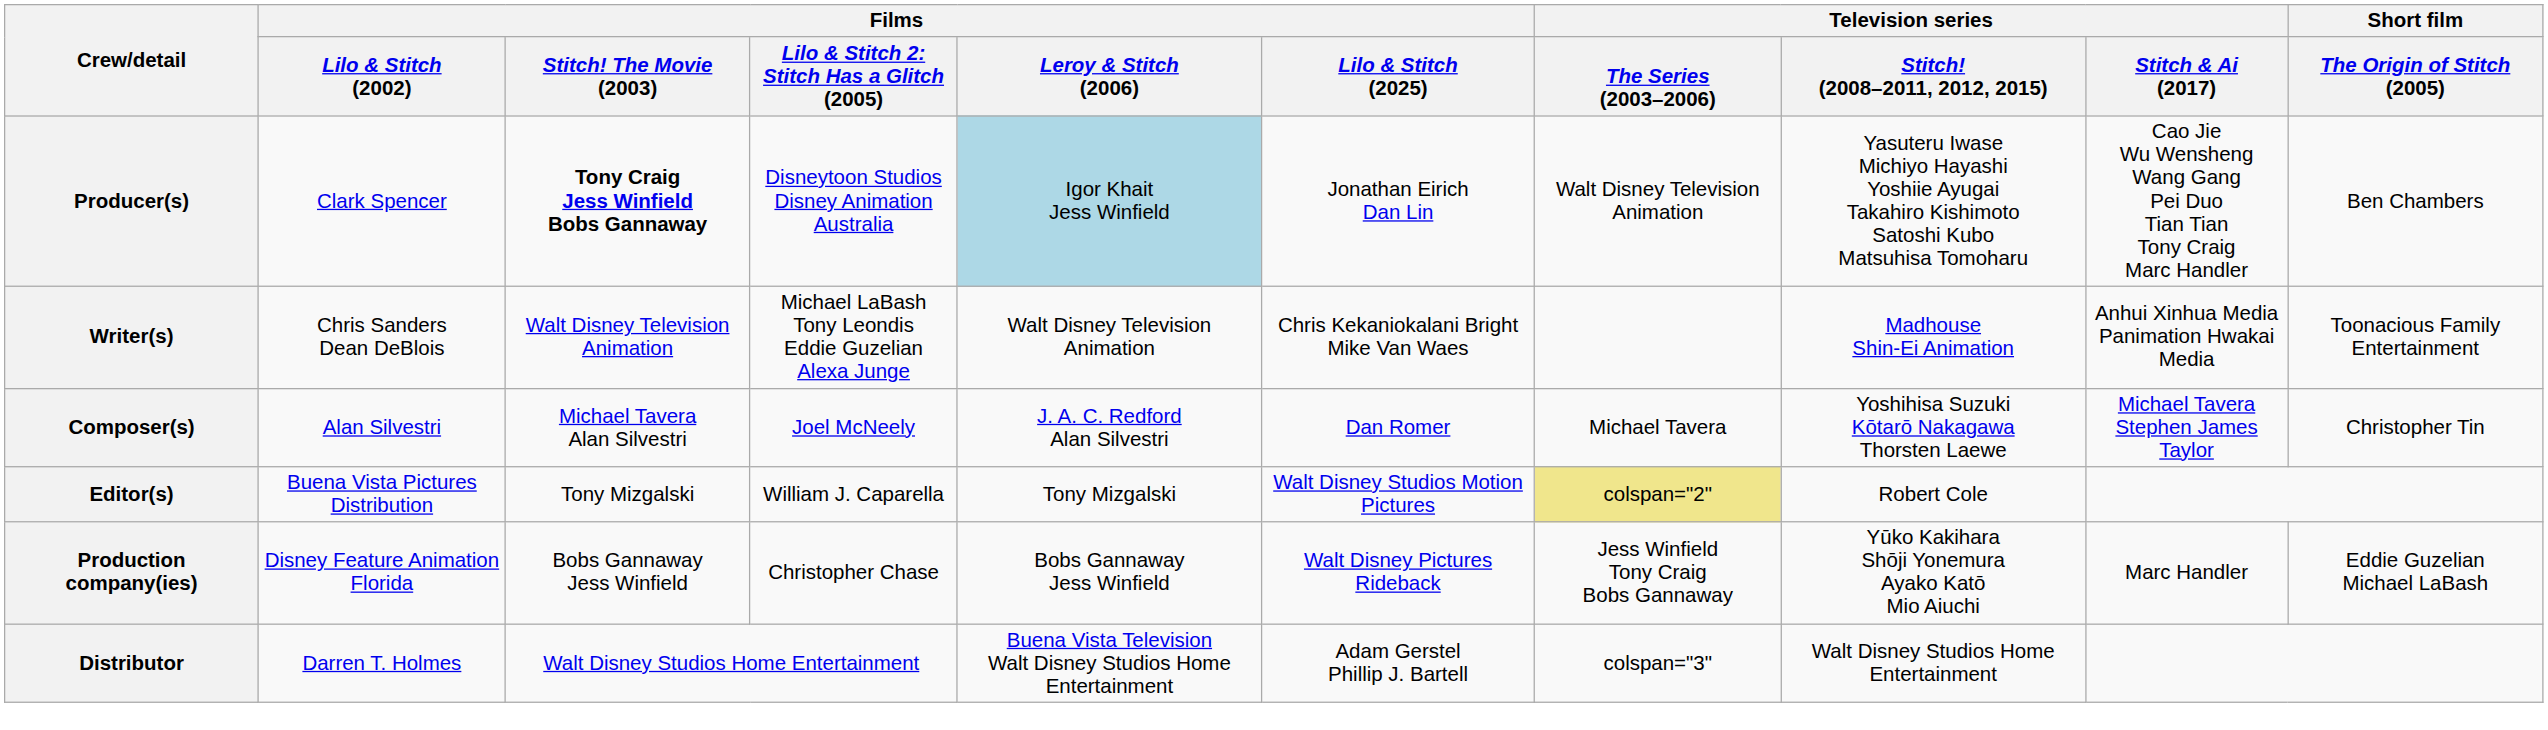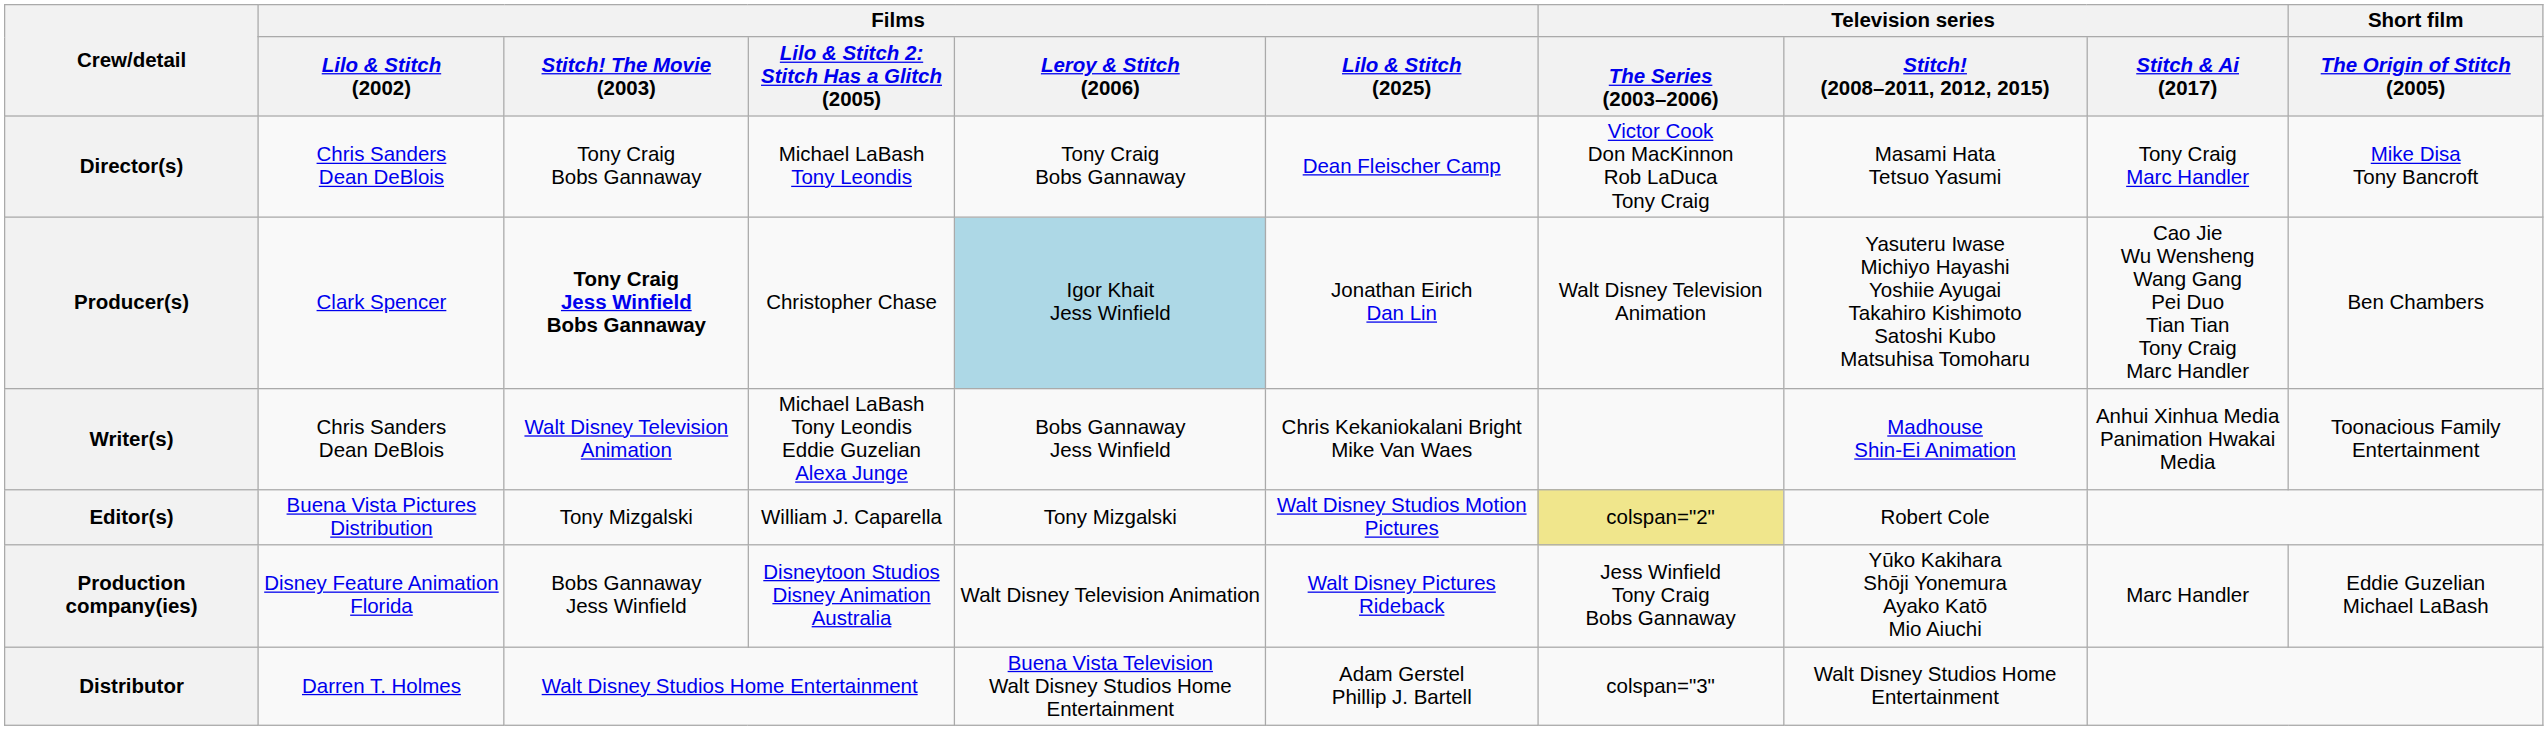 <table class="wikitable plainrowheaders" style="text-align:center; width:100%">
 <tr>
 <th rowspan="2" style="width:10%;">Crew/detail</th>
 <th colspan="5">Films</th>
 <th colspan="3">Television series</th>
 <th>Short film</th>
 </tr>
 <tr>
 <th><em><a href='#'>Lilo & Stitch</a></em><br>(2002)</th>
 <th><em><a href='#'>Stitch! The Movie</a></em><br>(2003)</th>
 <th><em><a href='#'>Lilo & Stitch 2:<br>Stitch Has a Glitch</a></em><br>(2005)</th>
 <th><em><a href='#'>Leroy & Stitch</a></em><br>(2006)</th>
 <th><em><a href='#'>Lilo & Stitch</a></em><br>(2025)</th>
 <th><em><a href='#'><br>The Series</a></em><br>(2003–2006)</th>
 <th><em><a href='#'>Stitch!</a></em><br>(2008–2011, 2012, 2015)</th>
 <th><em><a href='#'>Stitch & Ai</a></em><br>(2017)</th>
 <th><em><a href='#'>The Origin of Stitch</a></em><br>(2005)</th>
 </tr>
 <tr>
+<th>Director(s)</th>
+<td><a href='#'>Chris Sanders</a><br><a href='#'>Dean DeBlois</a></td>
+<td>Tony Craig<br>Bobs Gannaway</td>
+<td>Michael LaBash<br><a href='#'>Tony Leondis</a></td>
+<td>Tony Craig<br>Bobs Gannaway</td>
+<td><a href='#'>Dean Fleischer Camp</a></td>
+<td><a href='#'>Victor Cook</a><br>Don MacKinnon <br>Rob LaDuca <br>Tony Craig </td>
+<td>Masami Hata <br>Tetsuo Yasumi </td>
+<td>Tony Craig<br><a href='#'>Marc Handler</a> </td>
+<td><a href='#'>Mike Disa</a><br>Tony Bancroft </td>
+</tr>
+<tr>
 <th>Producer(s)</th>
 <td><a href='#'>Clark Spencer</a></td>
 <td><strong>Tony Craig<br><a href='#'>Jess Winfield</a><br>Bobs Gannaway</strong></td>
-<td><a href='#'>Disneytoon Studios</a><br><a href='#'>Disney Animation Australia</a></td>
+<td>Christopher Chase</td>
 <td style="background: lightblue;">Igor Khait<br>Jess Winfield</td>
 <td>Jonathan Eirich<br><a href='#'>Dan Lin</a></td>
 <td>Walt Disney Television Animation</td>
 <td>Yasuteru Iwase <br>Michiyo Hayashi <br>Yoshiie Ayugai <br>Takahiro Kishimoto <br>Satoshi Kubo <br>Matsuhisa Tomoharu </td>
 <td>Cao Jie<br>Wu Wensheng<br>Wang Gang <br>Pei Duo <br>Tian Tian <br>Tony Craig <br>Marc Handler </td>
 <td>Ben Chambers</td>
 </tr>
 <tr>
 <th>Writer(s)</th>
 <td>Chris Sanders<br>Dean DeBlois</td>
 <td><a href='#'>Walt Disney Television Animation</a></td>
 <td>Michael LaBash<br>Tony Leondis<br>Eddie Guzelian<br><a href='#'>Alexa Junge</a></td>
-<td>Walt Disney Television Animation</td>
+<td>Bobs Gannaway<br>Jess Winfield</td>
 <td>Chris Kekaniokalani Bright<br>Mike Van Waes</td>
 <td><br></td>
 <td><a href='#'>Madhouse</a> <br><a href='#'>Shin-Ei Animation</a> </td>
 <td>Anhui Xinhua Media<br>Panimation Hwakai Media</td>
 <td>Toonacious Family Entertainment</td>
-</tr>
-<tr>
-<th>Composer(s)</th>
-<td><a href='#'>Alan Silvestri</a></td>
-<td><a href='#'>Michael Tavera</a><br>Alan Silvestri </td>
-<td><a href='#'>Joel McNeely</a></td>
-<td><a href='#'>J. A. C. Redford</a><br>Alan Silvestri </td>
-<td><a href='#'>Dan Romer</a></td>
-<td>Michael Tavera</td>
-<td>Yoshihisa Suzuki <br><a href='#'>Kōtarō Nakagawa</a> <br>Thorsten Laewe </td>
-<td><a href='#'>Michael Tavera</a><br><a href='#'>Stephen James Taylor</a></td>
-<td>Christopher Tin</td>
 </tr>
 <tr>
 <th>Editor(s)</th>
 <td><a href='#'>Buena Vista Pictures Distribution</a></td>
 <td>Tony Mizgalski</td>
 <td>William J. Caparella</td>
 <td>Tony Mizgalski</td>
 <td><a href='#'>Walt Disney Studios Motion Pictures</a></td>
 <td style="background: khaki;">colspan="2" </td>
 <td>Robert Cole</td>
 </tr>
 <tr>
 <th>Production<br>company(ies)</th>
 <td><a href='#'>Disney Feature Animation Florida</a></td>
 <td>Bobs Gannaway<br>Jess Winfield</td>
-<td>Christopher Chase</td>
-<td>Bobs Gannaway<br>Jess Winfield</td>
+<td><a href='#'>Disneytoon Studios</a><br><a href='#'>Disney Animation Australia</a></td>
+<td>Walt Disney Television Animation</td>
 <td><a href='#'>Walt Disney Pictures</a><br><a href='#'>Rideback</a></td>
 <td>Jess Winfield<br>Tony Craig<br>Bobs Gannaway<br></td>
 <td>Yūko Kakihara <br>Shōji Yonemura <br>Ayako Katō <br>Mio Aiuchi </td>
 <td>Marc Handler</td>
 <td>Eddie Guzelian<br>Michael LaBash</td>
 </tr>
 <tr>
 <th>Distributor</th>
 <td><a href='#'>Darren T. Holmes</a></td>
 <td colspan="2"><a href='#'>Walt Disney Studios Home Entertainment</a></td>
 <td><a href='#'>Buena Vista Television</a><br>Walt Disney Studios Home Entertainment</td>
 <td>Adam Gerstel<br>Phillip J. Bartell</td>
 <td>colspan="3" </td>
 <td>Walt Disney Studios Home Entertainment</td>
 </tr>
 </table>
